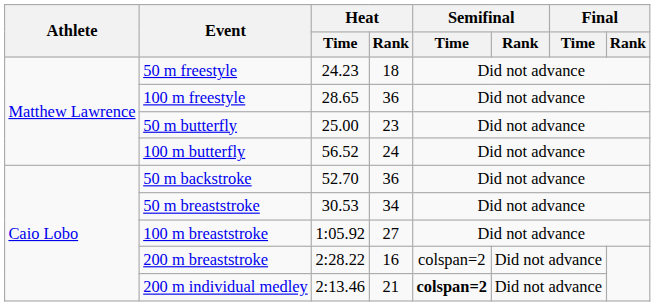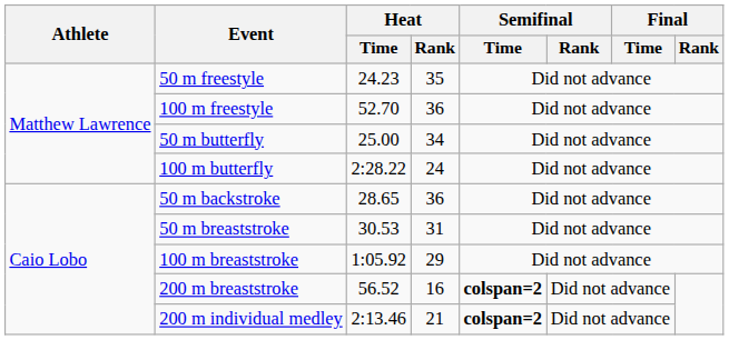 <table class=wikitable style=font-size:90%>
 <tr>
 <th rowspan=2>Athlete</th>
 <th rowspan=2>Event</th>
 <th colspan=2>Heat</th>
 <th colspan=2>Semifinal</th>
 <th colspan=2>Final</th>
 </tr>
 <tr style=font-size:95%>
 <th>Time</th>
 <th>Rank</th>
 <th>Time</th>
 <th>Rank</th>
 <th>Time</th>
 <th>Rank</th>
 </tr>
 <tr align=center>
 <td align=left rowspan=4><a href='#'>Matthew Lawrence</a></td>
 <td align=left rowspan="1"><a href='#'>50 m freestyle</a></td>
 <td>24.23</td>
-<td>18</td>
+<td>35</td>
 <td colspan=4>Did not advance</td>
 </tr>
 <tr align=center>
 <td align=left rowspan="1"><a href='#'>100 m freestyle</a></td>
-<td>28.65</td>
+<td>52.70</td>
 <td>36</td>
 <td colspan=4>Did not advance</td>
 </tr>
 <tr align=center>
 <td align=left rowspan="1"><a href='#'>50 m butterfly</a></td>
 <td>25.00</td>
-<td>23</td>
+<td>34</td>
 <td colspan=4>Did not advance</td>
 </tr>
 <tr align=center>
 <td align=left rowspan="1"><a href='#'>100 m butterfly</a></td>
-<td>56.52</td>
+<td>2:28.22</td>
 <td>24</td>
 <td colspan=4>Did not advance</td>
 </tr>
 <tr align=center>
 <td align=left rowspan=5><a href='#'>Caio Lobo</a></td>
 <td style="text-align:left;"><a href='#'>50 m backstroke</a></td>
-<td>52.70</td>
+<td>28.65</td>
 <td>36</td>
 <td colspan=4>Did not advance</td>
 </tr>
 <tr align=center>
 <td align=left><a href='#'>50 m breaststroke</a></td>
 <td>30.53</td>
-<td>34</td>
+<td>31</td>
 <td colspan=4>Did not advance</td>
 </tr>
 <tr align=center>
 <td align=left rowspan="1"><a href='#'>100 m breaststroke</a></td>
 <td>1:05.92</td>
-<td>27</td>
+<td>29</td>
 <td colspan=4>Did not advance</td>
 </tr>
 <tr align=center>
 <td align=left rowspan="1"><a href='#'>200 m breaststroke</a></td>
-<td>2:28.22</td>
+<td>56.52</td>
 <td>16</td>
-<td>colspan=2 </td>
+<td><strong>colspan=2 </strong></td>
 <td colspan=2>Did not advance</td>
 </tr>
 <tr align=center>
 <td align=left rowspan="1"><a href='#'>200 m individual medley</a></td>
 <td>2:13.46</td>
 <td>21</td>
 <td><strong>colspan=2 </strong></td>
 <td colspan=2>Did not advance</td>
 </tr>
 </table>
